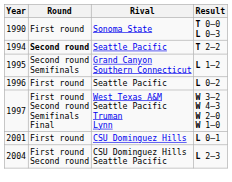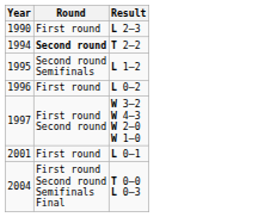 <table class="wikitable">
 <tr>
 <th>Year</th>
 <th>Round</th>
-<th>Rival</th>
 <th>Result</th>
 </tr>
 <tr>
 <td>1990</td>
 <td>First round</td>
-<td><a href='#'>Sonoma State</a></td>
-<td><strong>T</strong> 0–0 <br><strong>L</strong> 0–3</td>
+<td><strong>L</strong> 2–3 </td>
 </tr>
 <tr>
 <td>1994</td>
 <td><strong>Second round</strong></td>
-<td><a href='#'>Seattle Pacific</a></td>
 <td><strong>T</strong> 2–2 </td>
 </tr>
 <tr>
 <td>1995</td>
 <td>Second round<br>Semifinals</td>
-<td><a href='#'>Grand Canyon</a><br><a href='#'>Southern Connecticut</a></td>
 <td><strong>L</strong> 1–2 </td>
 </tr>
 <tr>
 <td>1996</td>
 <td>First round</td>
-<td>Seattle Pacific</td>
 <td><strong>L</strong> 0–2</td>
 </tr>
 <tr>
 <td>1997</td>
-<td>First round<br>Second round<br>Semifinals<br>Final</td>
-<td><a href='#'>West Texas A&M</a><br>Seattle Pacific<br><a href='#'>Truman</a><br><a href='#'>Lynn</a></td>
+<td>First round<br>Second round</td>
 <td><strong>W</strong> 3–2 <br><strong>W</strong> 4–3 <br><strong>W</strong> 2–0<br><strong>W</strong> 1–0</td>
 </tr>
 <tr>
 <td>2001</td>
 <td>First round</td>
-<td><a href='#'>CSU Dominguez Hills</a></td>
 <td><strong>L</strong> 0–1</td>
 </tr>
 <tr>
 <td>2004</td>
-<td>First round<br>Second round</td>
-<td>CSU Dominguez Hills<br>Seattle Pacific</td>
-<td><strong>L</strong> 2–3 </td>
+<td>First round<br>Second round<br>Semifinals<br>Final</td>
+<td><strong>T</strong> 0–0 <br><strong>L</strong> 0–3</td>
 </tr>
 </table>
